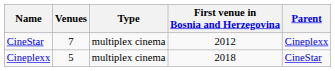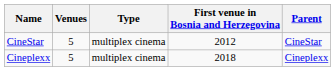 <table class="wikitable sortable">
 <tr>
 <th>Name</th>
 <th>Venues</th>
 <th>Type</th>
 <th>First venue in<br><a href='#'>Bosnia and Herzegovina</a></th>
 <th><a href='#'>Parent</a></th>
 </tr>
 <tr>
 <td><a href='#'>CineStar</a></td>
-<td align="center">7</td>
+<td align="center">5</td>
 <td align="center">multiplex cinema</td>
 <td align="center">2012</td>
-<td><a href='#'>Cineplexx</a></td>
+<td><a href='#'>CineStar</a></td>
 </tr>
 <tr>
 <td><a href='#'>Cineplexx</a></td>
 <td align="center">5</td>
 <td align="center">multiplex cinema</td>
 <td align="center">2018</td>
-<td><a href='#'>CineStar</a></td>
+<td><a href='#'>Cineplexx</a></td>
 </tr>
 </table>
